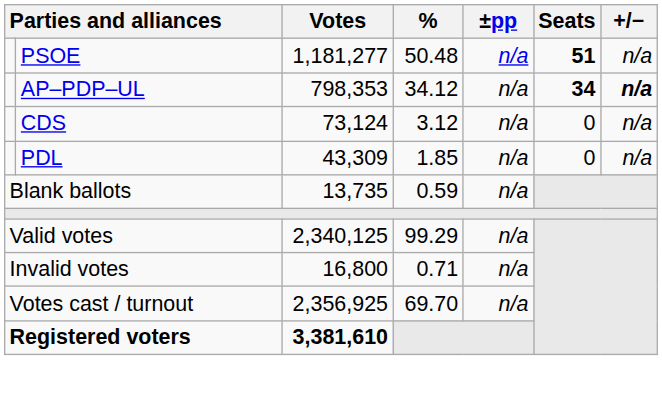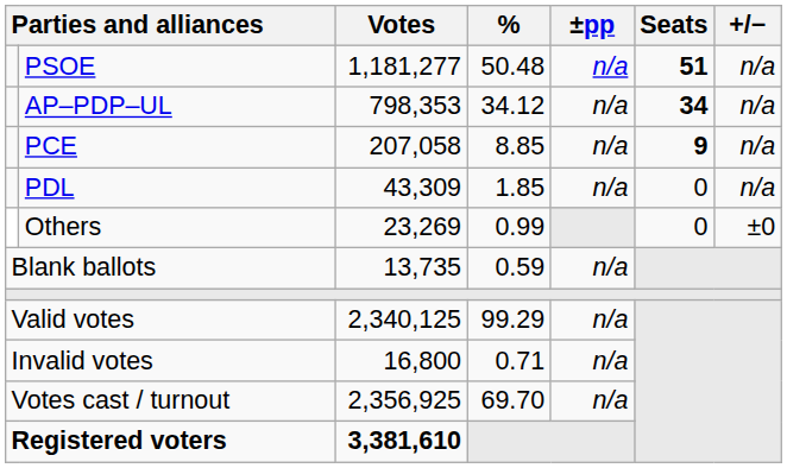 <table class="wikitable" style="text-align:right;">
 <tr>
 <th style="text-align:left;" colspan="2" width="200">Parties and alliances</th>
 <th width="75">Votes</th>
 <th width="45">%</th>
 <th width="45">±<a href='#'>pp</a></th>
 <th width="35">Seats</th>
 <th width="35">+/−</th>
 </tr>
 <tr>
 <td width="1" style="color:inherit;background:"></td>
 <td align="left"><a href='#'>PSOE</a></td>
 <td>1,181,277</td>
 <td>50.48</td>
 <td><em><a href='#'>n/a</a></em></td>
 <td><strong>51</strong></td>
 <td><em>n/a</em></td>
 </tr>
 <tr>
 <td style="color:inherit;background:"></td>
 <td align="left"><a href='#'>AP–PDP–UL</a></td>
 <td>798,353</td>
 <td>34.12</td>
 <td><em>n/a</em></td>
 <td><strong>34</strong></td>
-<td><strong><em>n/a</em></strong></td>
+<td><em>n/a</em></td>
 </tr>
 <tr>
 <td style="color:inherit;background:"></td>
-<td align="left"><a href='#'>CDS</a></td>
-<td>73,124</td>
-<td>3.12</td>
+<td align="left"><a href='#'>PCE</a></td>
+<td>207,058</td>
+<td>8.85</td>
 <td><em>n/a</em></td>
-<td>0</td>
+<td><strong>9</strong></td>
 <td><em>n/a</em></td>
 </tr>
 <tr>
 <td style="color:inherit;background:"></td>
 <td align="left"><a href='#'>PDL</a></td>
 <td>43,309</td>
 <td>1.85</td>
 <td><em>n/a</em></td>
 <td>0</td>
 <td><em>n/a</em></td>
+</tr>
+<tr>
+<td bgcolor="white"></td>
+<td align="left">Others</td>
+<td>23,269</td>
+<td>0.99</td>
+<td bgcolor="#E9E9E9"></td>
+<td>0</td>
+<td>±0</td>
 </tr>
 <tr>
 <td align="left" colspan="2">Blank ballots</td>
 <td>13,735</td>
 <td>0.59</td>
 <td><em>n/a</em></td>
 <td bgcolor="#E9E9E9" colspan="2"></td>
 </tr>
 <tr>
 <td colspan="7" bgcolor="#E9E9E9"></td>
 </tr>
 <tr>
 <td align="left" colspan="2">Valid votes</td>
 <td>2,340,125</td>
 <td>99.29</td>
 <td><em>n/a</em></td>
 <td bgcolor="#E9E9E9" colspan="2" rowspan="4"></td>
 </tr>
 <tr>
 <td align="left" colspan="2">Invalid votes</td>
 <td>16,800</td>
 <td>0.71</td>
 <td><em>n/a</em></td>
 </tr>
 <tr>
 <td align="left" colspan="2">Votes cast / turnout</td>
 <td>2,356,925</td>
 <td>69.70</td>
 <td><em>n/a</em></td>
 </tr>
 <tr style="font-weight:bold;">
 <td align="left" colspan="2">Registered voters</td>
 <td>3,381,610</td>
 <td bgcolor="#E9E9E9" colspan="2"></td>
 </tr>
 </table>
